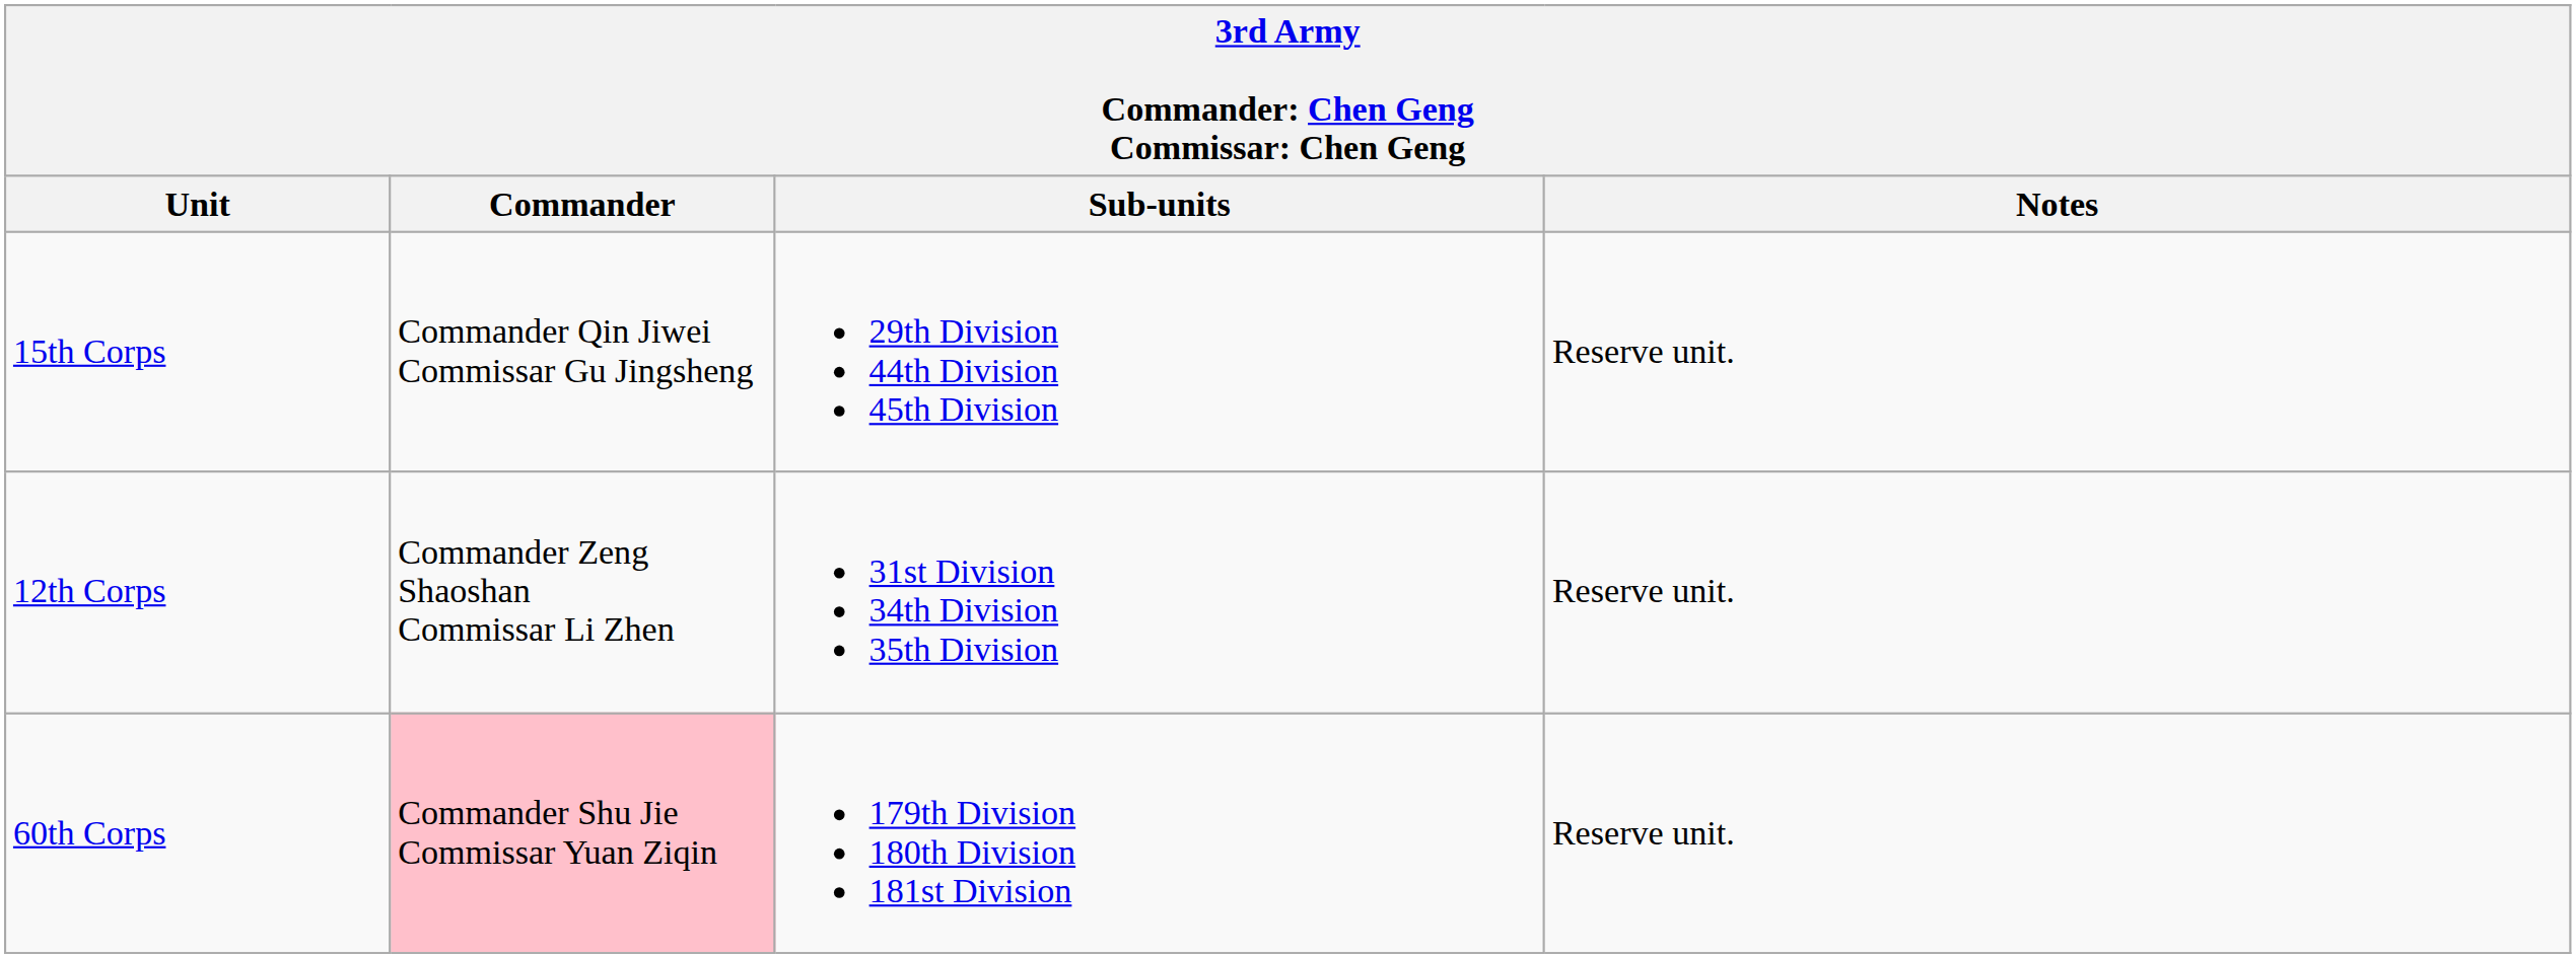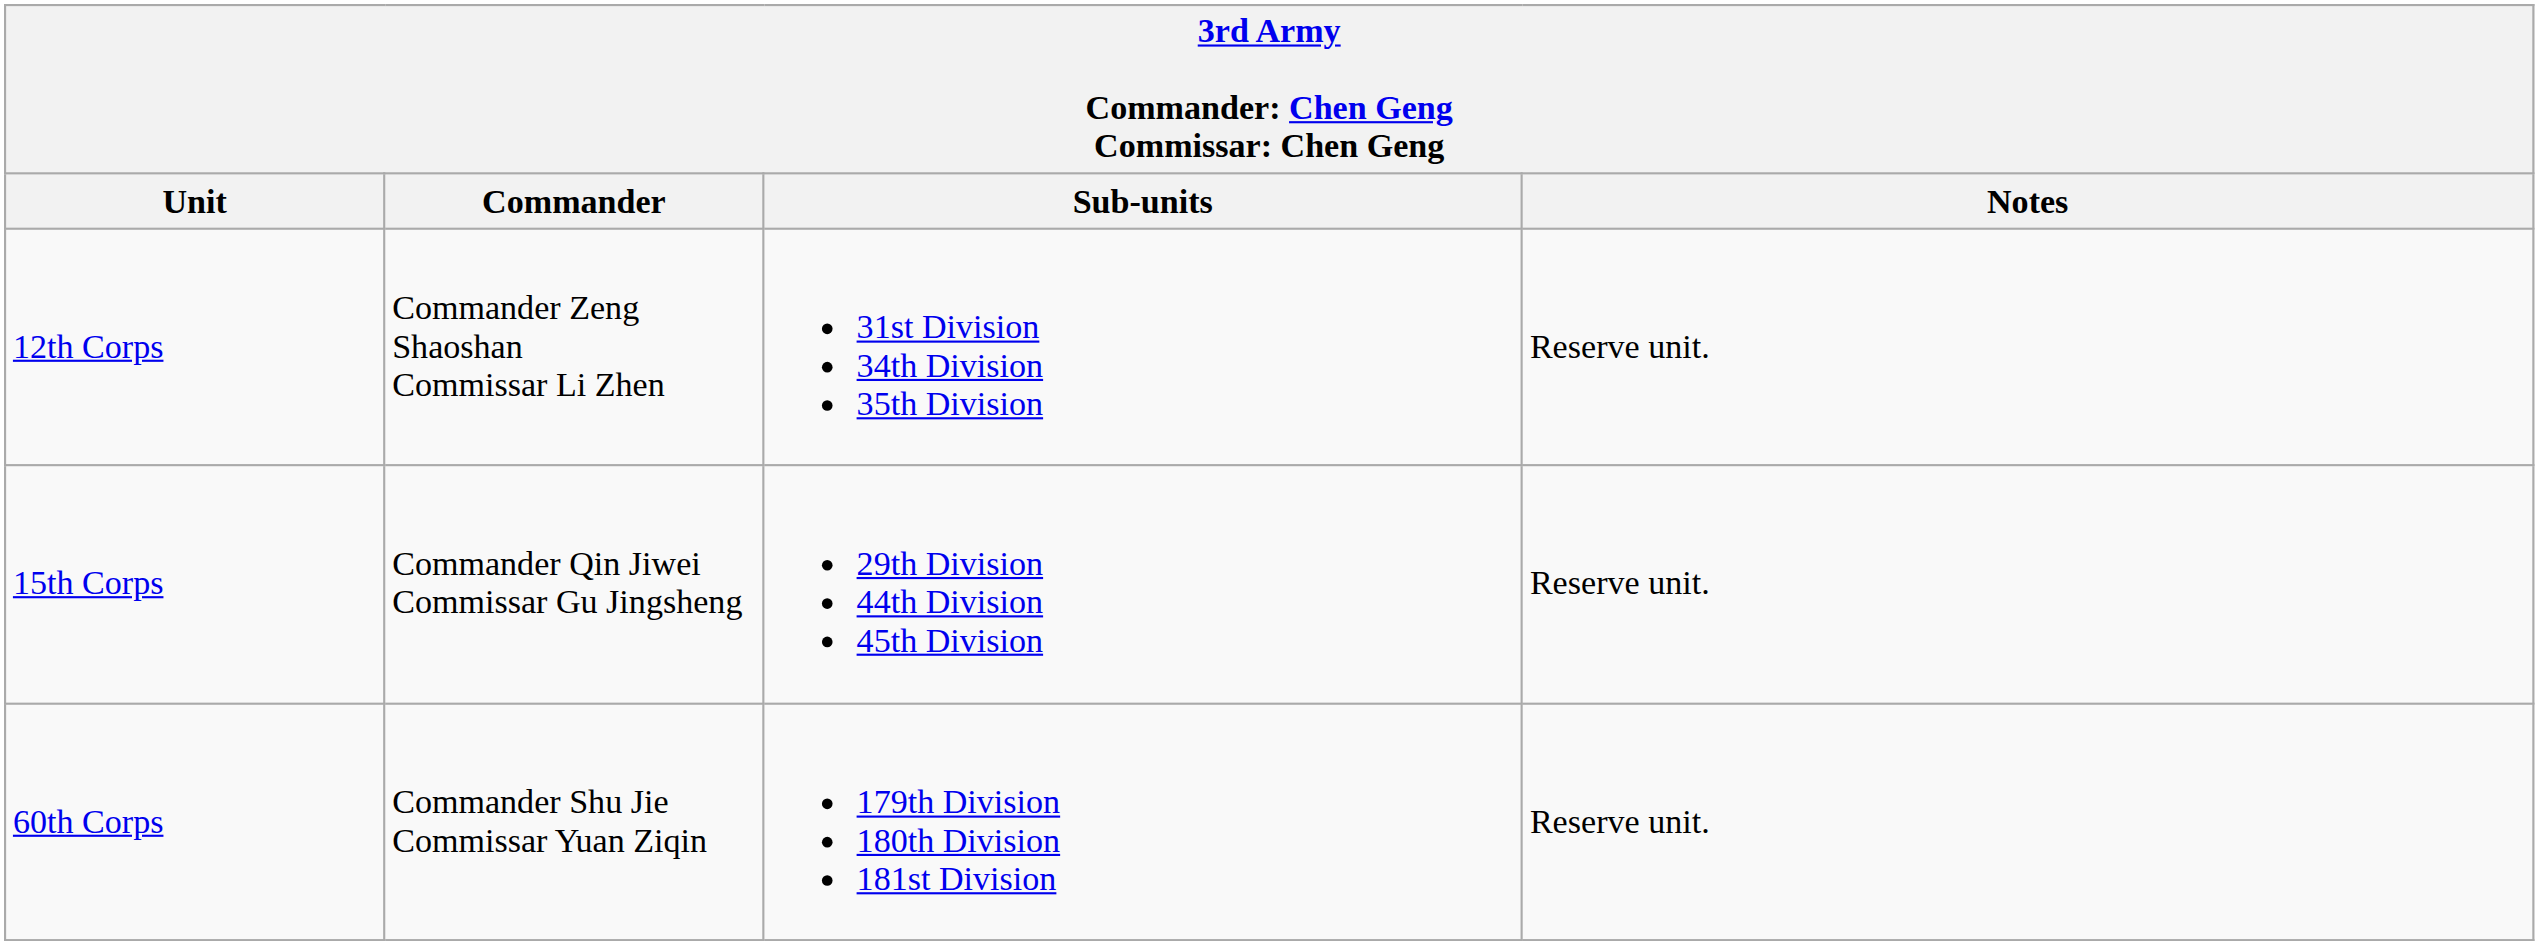 <table class="wikitable" style="width: 75%">
 <tr>
 <th colspan="4" align= center> <a href='#'>3rd Army</a><br><br>Commander: <a href='#'>Chen Geng</a><br> Commissar: Chen Geng<br></th>
 </tr>
 <tr>
 <th width=15%; align= center>Unit</th>
 <th width=15%; align= center>Commander</th>
 <th width=30%; align= center>Sub-units</th>
 <th width=40%; align= center>Notes</th>
 </tr>
 <tr>
+<td><a href='#'>12th Corps</a></td>
+<td>Commander Zeng Shaoshan<br>Commissar Li Zhen</td>
+<td><br><ul><li><a href='#'>31st Division</a></li><li><a href='#'>34th Division</a></li><li><a href='#'>35th Division</a></li></ul></td>
+<td>Reserve unit.</td>
+</tr>
+<tr>
 <td><a href='#'>15th Corps</a></td>
 <td>Commander Qin Jiwei<br>Commissar Gu Jingsheng</td>
 <td><br><ul><li><a href='#'>29th Division</a></li><li><a href='#'>44th Division</a></li><li><a href='#'>45th Division</a></li></ul></td>
 <td>Reserve unit.</td>
 </tr>
 <tr>
-<td><a href='#'>12th Corps</a></td>
-<td>Commander Zeng Shaoshan<br>Commissar Li Zhen</td>
-<td><br><ul><li><a href='#'>31st Division</a></li><li><a href='#'>34th Division</a></li><li><a href='#'>35th Division</a></li></ul></td>
-<td>Reserve unit.</td>
-</tr>
-<tr>
 <td><a href='#'>60th Corps</a></td>
-<td style="background: pink;">Commander Shu Jie<br>Commissar Yuan Ziqin</td>
+<td>Commander Shu Jie<br>Commissar Yuan Ziqin</td>
 <td><br><ul><li><a href='#'>179th Division</a></li><li><a href='#'>180th Division</a></li><li><a href='#'>181st Division</a></li></ul></td>
 <td>Reserve unit.</td>
 </tr>
 </table>
